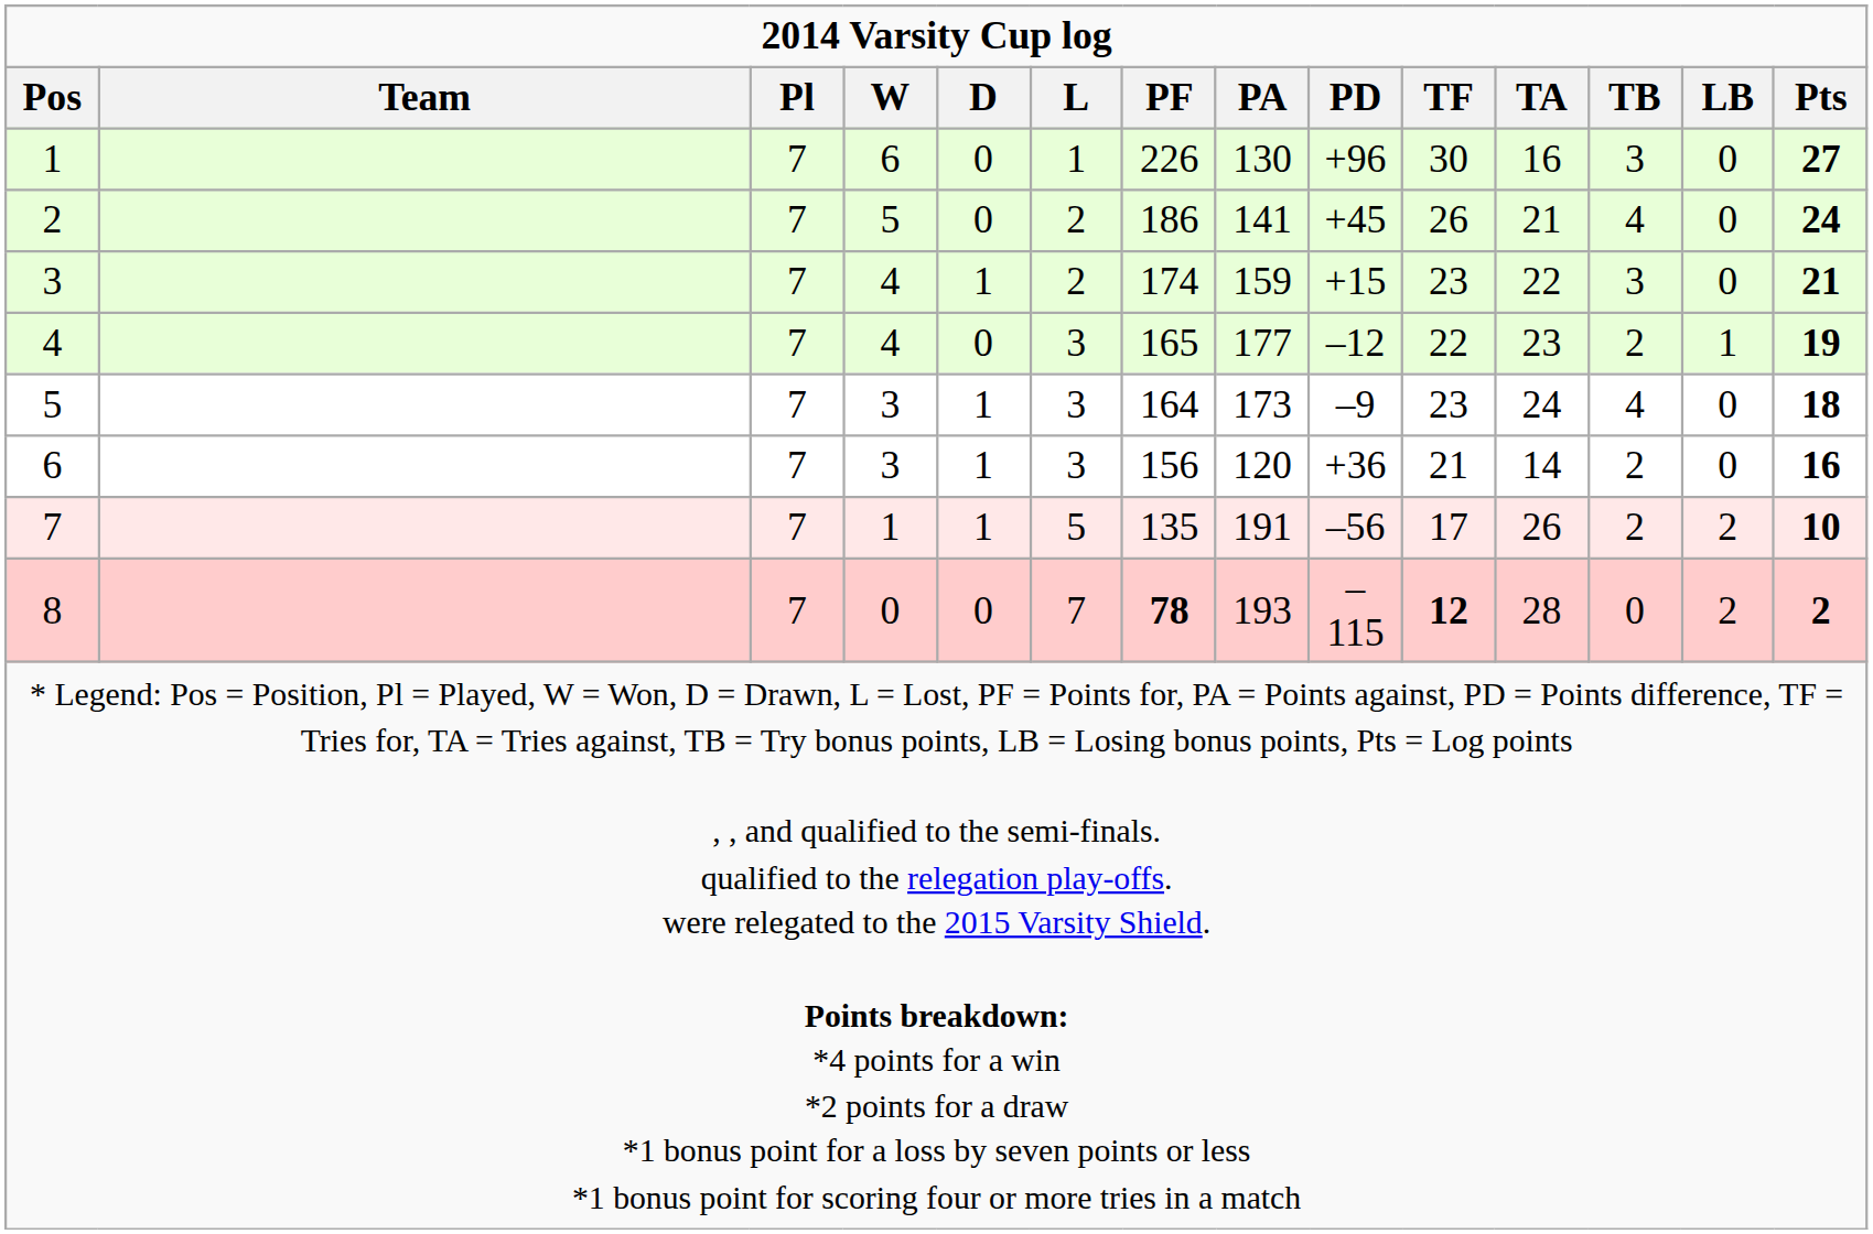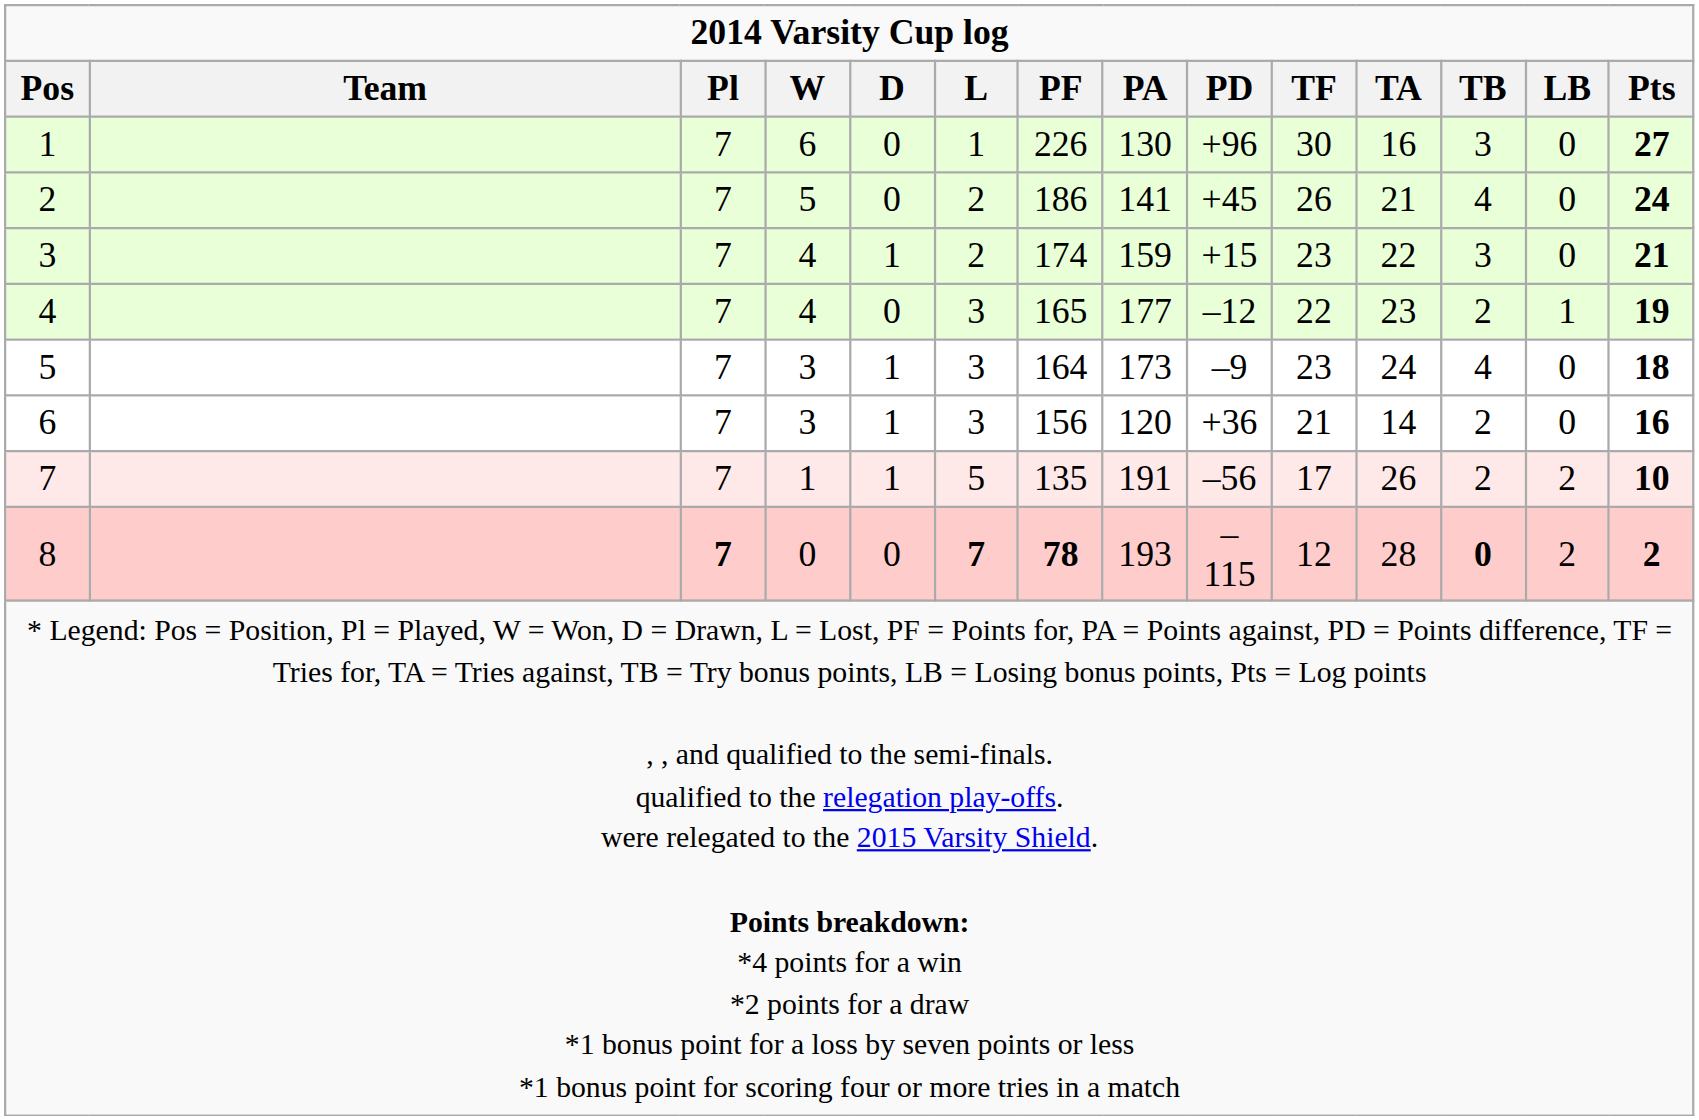 <table class="wikitable" style="text-align:center; line-height:110%; font-size:100%; width:60%;">
 <tr>
 <td colspan="14" cellpadding="0" cellspacing="0"><strong>2014 Varsity Cup log</strong></td>
 </tr>
 <tr>
 <th style="width:5%;">Pos</th>
 <th style="width:35%;">Team</th>
 <th style="width:5%;">Pl</th>
 <th style="width:5%;">W</th>
 <th style="width:5%;">D</th>
 <th style="width:5%;">L</th>
 <th style="width:5%;">PF</th>
 <th style="width:5%;">PA</th>
 <th style="width:5%;">PD</th>
 <th style="width:5%;">TF</th>
 <th style="width:5%;">TA</th>
 <th style="width:5%;">TB</th>
 <th style="width:5%;">LB</th>
 <th style="width:5%;">Pts<br></th>
 </tr>
 <tr bgcolor=#E8FFD8>
 <td>1</td>
 <td align=left></td>
 <td>7</td>
 <td>6</td>
 <td>0</td>
 <td>1</td>
 <td>226</td>
 <td>130</td>
 <td>+96</td>
 <td>30</td>
 <td>16</td>
 <td>3</td>
 <td>0</td>
 <td><strong>27</strong></td>
 </tr>
 <tr bgcolor=#E8FFD8>
 <td>2</td>
 <td align=left></td>
 <td>7</td>
 <td>5</td>
 <td>0</td>
 <td>2</td>
 <td>186</td>
 <td>141</td>
 <td>+45</td>
 <td>26</td>
 <td>21</td>
 <td>4</td>
 <td>0</td>
 <td><strong>24</strong></td>
 </tr>
 <tr bgcolor=#E8FFD8>
 <td>3</td>
 <td align=left></td>
 <td>7</td>
 <td>4</td>
 <td>1</td>
 <td>2</td>
 <td>174</td>
 <td>159</td>
 <td>+15</td>
 <td>23</td>
 <td>22</td>
 <td>3</td>
 <td>0</td>
 <td><strong>21</strong></td>
 </tr>
 <tr bgcolor=#E8FFD8>
 <td>4</td>
 <td align=left></td>
 <td>7</td>
 <td>4</td>
 <td>0</td>
 <td>3</td>
 <td>165</td>
 <td>177</td>
 <td>–12</td>
 <td>22</td>
 <td>23</td>
 <td>2</td>
 <td>1</td>
 <td><strong>19</strong></td>
 </tr>
 <tr bgcolor=#FFFFFF>
 <td>5</td>
 <td align=left></td>
 <td>7</td>
 <td>3</td>
 <td>1</td>
 <td>3</td>
 <td>164</td>
 <td>173</td>
 <td>–9</td>
 <td>23</td>
 <td>24</td>
 <td>4</td>
 <td>0</td>
 <td><strong>18</strong></td>
 </tr>
 <tr bgcolor=#FFFFFF>
 <td>6</td>
 <td align=left></td>
 <td>7</td>
 <td>3</td>
 <td>1</td>
 <td>3</td>
 <td>156</td>
 <td>120</td>
 <td>+36</td>
 <td>21</td>
 <td>14</td>
 <td>2</td>
 <td>0</td>
 <td><strong>16</strong></td>
 </tr>
 <tr bgcolor=#FFE8E8>
 <td>7</td>
 <td align=left></td>
 <td>7</td>
 <td>1</td>
 <td>1</td>
 <td>5</td>
 <td>135</td>
 <td>191</td>
 <td>–56</td>
 <td>17</td>
 <td>26</td>
 <td>2</td>
 <td>2</td>
 <td><strong>10</strong></td>
 </tr>
 <tr bgcolor=#FFCCCC>
 <td>8</td>
 <td align=left></td>
-<td>7</td>
+<td><strong>7</strong></td>
 <td>0</td>
 <td>0</td>
-<td>7</td>
+<td><strong>7</strong></td>
 <td><strong>78</strong></td>
 <td>193</td>
 <td>–115</td>
-<td><strong>12</strong></td>
+<td>12</td>
 <td>28</td>
-<td>0</td>
+<td><strong>0</strong></td>
 <td>2</td>
 <td><strong>2</strong></td>
 </tr>
 <tr>
 <td colspan="14" style="border:0px"><small>* Legend: Pos = Position, Pl = Played, W = Won, D = Drawn, L = Lost, PF = Points for, PA = Points against, PD = Points difference, TF = Tries for, TA = Tries against, TB = Try bonus points, LB = Losing bonus points, Pts = Log points<br><br>, ,  and  qualified to the semi-finals.<br> qualified to the <a href='#'>relegation play-offs</a>.<br> were relegated to the <a href='#'>2015 Varsity Shield</a>.<br><br><strong>Points breakdown:</strong><br>*4 points for a win<br>*2 points for a draw<br>*1 bonus point for a loss by seven points or less<br>*1 bonus point for scoring four or more tries in a match</small></td>
 </tr>
 </table>
